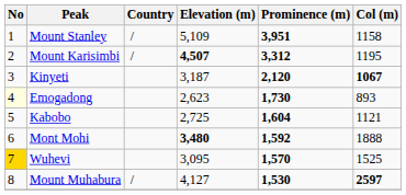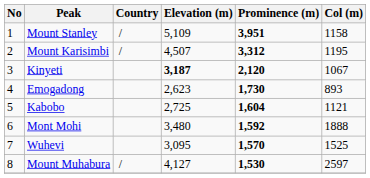 <table class="wikitable sortable">
 <tr>
 <th>No</th>
 <th>Peak</th>
 <th>Country</th>
 <th>Elevation (m)</th>
 <th>Prominence (m)</th>
 <th>Col (m)</th>
 </tr>
 <tr>
 <td>1</td>
 <td><a href='#'>Mount Stanley</a></td>
 <td> / </td>
 <td>5,109</td>
 <td><strong>3,951</strong></td>
 <td>1158</td>
 </tr>
 <tr>
 <td>2</td>
 <td><a href='#'>Mount Karisimbi</a></td>
 <td> / </td>
-<td><strong>4,507</strong></td>
+<td>4,507</td>
 <td><strong>3,312</strong></td>
 <td>1195</td>
 </tr>
 <tr>
 <td>3</td>
 <td><a href='#'>Kinyeti</a></td>
 <td></td>
-<td>3,187</td>
+<td><strong>3,187</strong></td>
 <td><strong>2,120</strong></td>
-<td><strong>1067</strong></td>
+<td>1067</td>
 </tr>
 <tr>
-<td style="background: lightyellow;">4</td>
+<td>4</td>
 <td><a href='#'>Emogadong</a></td>
 <td></td>
 <td>2,623</td>
 <td><strong>1,730</strong></td>
 <td>893</td>
 </tr>
 <tr>
 <td>5</td>
 <td><a href='#'>Kabobo</a></td>
 <td></td>
 <td>2,725</td>
 <td><strong>1,604</strong></td>
 <td>1121</td>
 </tr>
 <tr>
 <td>6</td>
 <td><a href='#'>Mont Mohi</a></td>
 <td></td>
-<td><strong>3,480</strong></td>
+<td>3,480</td>
 <td><strong>1,592</strong></td>
 <td>1888</td>
 </tr>
 <tr>
-<td style="background: gold;">7</td>
+<td>7</td>
 <td><a href='#'>Wuhevi</a></td>
 <td></td>
 <td>3,095</td>
 <td><strong>1,570</strong></td>
 <td>1525</td>
 </tr>
 <tr>
 <td>8</td>
 <td><a href='#'>Mount Muhabura</a></td>
 <td> / </td>
 <td>4,127</td>
 <td><strong>1,530</strong></td>
-<td><strong>2597</strong></td>
+<td>2597</td>
 </tr>
 <tr>
 </tr>
 </table>
